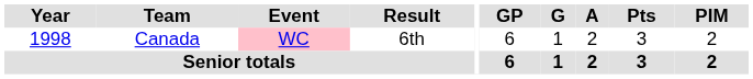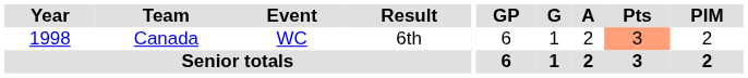 <table border="0" cellpadding="1" cellspacing="0" ID="Table3" style="text-align:center; width:40em">
 <tr ALIGN="center" bgcolor="#e0e0e0">
 <th>Year</th>
 <th>Team</th>
 <th>Event</th>
 <th>Result</th>
 <th rowspan="99" bgcolor="#ffffff"></th>
 <th>GP</th>
 <th>G</th>
 <th>A</th>
 <th>Pts</th>
 <th>PIM</th>
 </tr>
 <tr>
 <td><a href='#'>1998</a></td>
 <td><a href='#'>Canada</a></td>
-<td style="background: pink;"><a href='#'>WC</a></td>
+<td><a href='#'>WC</a></td>
 <td>6th</td>
 <td>6</td>
 <td>1</td>
 <td>2</td>
-<td>3</td>
+<td style="background: lightsalmon;">3</td>
 <td>2</td>
 </tr>
 <tr bgcolor="#e0e0e0">
 <th colspan=4>Senior totals</th>
 <th>6</th>
 <th>1</th>
 <th>2</th>
 <th>3</th>
 <th>2</th>
 </tr>
 </table>
